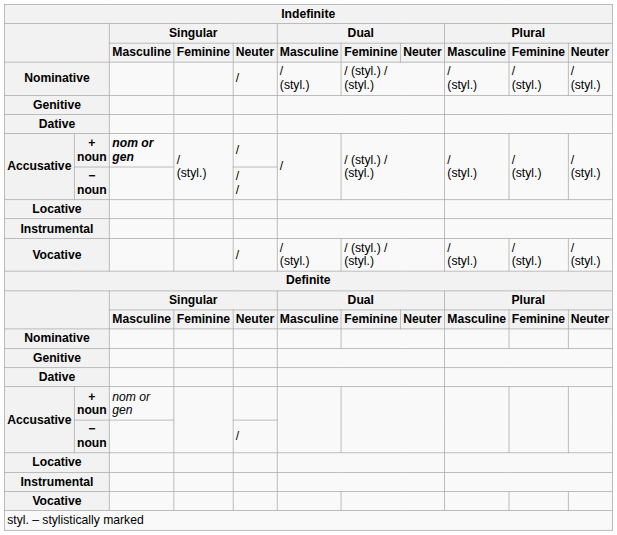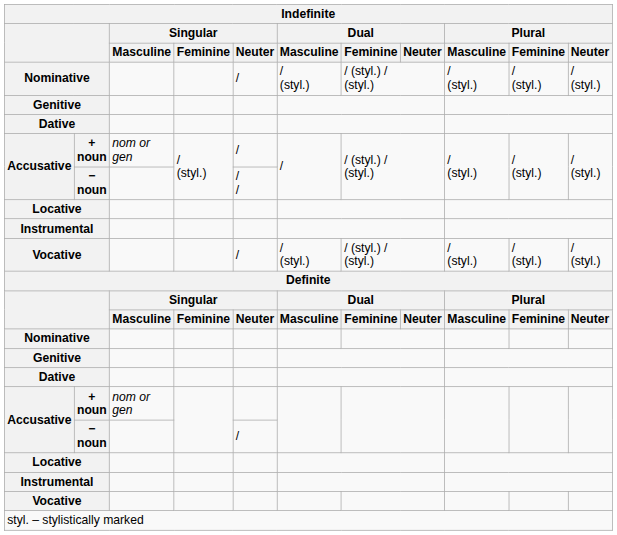 <table class="wikitable">
 <tr>
 <th colspan="11">Indefinite</th>
 </tr>
 <tr>
 <th colspan="2" rowspan="2"></th>
 <th colspan="3">Singular</th>
 <th colspan="3">Dual</th>
 <th colspan="3">Plural</th>
 </tr>
 <tr>
 <th>Masculine</th>
 <th>Feminine</th>
 <th>Neuter</th>
 <th>Masculine</th>
 <th>Feminine</th>
 <th>Neuter</th>
 <th>Masculine</th>
 <th>Feminine</th>
 <th>Neuter</th>
 </tr>
 <tr>
 <th colspan="2">Nominative</th>
 <td></td>
 <td></td>
 <td> /<br></td>
 <td> /<br> (styl.)</td>
 <td colspan="2"> /  (styl.) /<br> (styl.)</td>
 <td> /<br> (styl.)</td>
 <td> /<br> (styl.)</td>
 <td> /<br> (styl.)</td>
 </tr>
 <tr>
 <th colspan="2">Genitive</th>
 <td></td>
 <td></td>
 <td></td>
 <td colspan="3"></td>
 <td colspan="3"></td>
 </tr>
 <tr>
 <th colspan="2">Dative</th>
 <td></td>
 <td></td>
 <td></td>
 <td colspan="3"></td>
 <td colspan="3"></td>
 </tr>
 <tr>
 <th rowspan="2">Accusative</th>
 <th>+ noun</th>
-<td><strong><em>nom or gen</em></strong></td>
+<td><em>nom or gen</em></td>
 <td rowspan="2"> /<br> (styl.)</td>
 <td> /<br></td>
 <td rowspan="2"> /<br></td>
 <td colspan="2" rowspan="2"> /  (styl.) /<br> (styl.)</td>
 <td rowspan="2"> /<br> (styl.)</td>
 <td rowspan="2"> /<br> (styl.)</td>
 <td rowspan="2"> /<br> (styl.)</td>
 </tr>
 <tr>
 <th>− noun</th>
 <td></td>
 <td> /<br> /<br></td>
 </tr>
 <tr>
 <th colspan="2">Locative</th>
 <td></td>
 <td></td>
 <td></td>
 <td colspan="3"></td>
 <td colspan="3"></td>
 </tr>
 <tr>
 <th colspan="2">Instrumental</th>
 <td></td>
 <td></td>
 <td></td>
 <td colspan="3"></td>
 <td colspan="3"></td>
 </tr>
 <tr>
 <th colspan="2">Vocative</th>
 <td></td>
 <td></td>
 <td> /<br></td>
 <td> /<br> (styl.)</td>
 <td colspan="2"> /  (styl.) /<br> (styl.)</td>
 <td> /<br> (styl.)</td>
 <td> /<br> (styl.)</td>
 <td> /<br> (styl.)</td>
 </tr>
 <tr>
 <th colspan="11">Definite</th>
 </tr>
 <tr>
 <th colspan="2" rowspan="2"></th>
 <th colspan="3">Singular</th>
 <th colspan="3">Dual</th>
 <th colspan="3">Plural</th>
 </tr>
 <tr>
 <th>Masculine</th>
 <th>Feminine</th>
 <th>Neuter</th>
 <th>Masculine</th>
 <th>Feminine</th>
 <th>Neuter</th>
 <th>Masculine</th>
 <th>Feminine</th>
 <th>Neuter</th>
 </tr>
 <tr>
 <th colspan="2">Nominative</th>
 <td></td>
 <td></td>
 <td></td>
 <td></td>
 <td colspan="2"></td>
 <td></td>
 <td></td>
 <td></td>
 </tr>
 <tr>
 <th colspan="2">Genitive</th>
 <td></td>
 <td></td>
 <td></td>
 <td colspan="3"></td>
 <td colspan="3"></td>
 </tr>
 <tr>
 <th colspan="2">Dative</th>
 <td></td>
 <td></td>
 <td></td>
 <td colspan="3"></td>
 <td colspan="3"></td>
 </tr>
 <tr>
 <th rowspan="2">Accusative</th>
 <th>+ noun</th>
 <td><em>nom or gen</em></td>
 <td rowspan="2"></td>
 <td></td>
 <td rowspan="2"></td>
 <td colspan="2" rowspan="2"></td>
 <td rowspan="2"></td>
 <td rowspan="2"></td>
 <td rowspan="2"></td>
 </tr>
 <tr>
 <th>− noun</th>
 <td></td>
 <td> /<br></td>
 </tr>
 <tr>
 <th colspan="2">Locative</th>
 <td></td>
 <td></td>
 <td></td>
 <td colspan="3"></td>
 <td colspan="3"></td>
 </tr>
 <tr>
 <th colspan="2">Instrumental</th>
 <td></td>
 <td></td>
 <td></td>
 <td colspan="3"></td>
 <td colspan="3"></td>
 </tr>
 <tr>
 <th colspan="2">Vocative</th>
 <td></td>
 <td></td>
 <td></td>
 <td></td>
 <td colspan="2"></td>
 <td></td>
 <td></td>
 <td></td>
 </tr>
 <tr>
 <td colspan="11">styl. – stylistically marked</td>
 </tr>
 </table>
